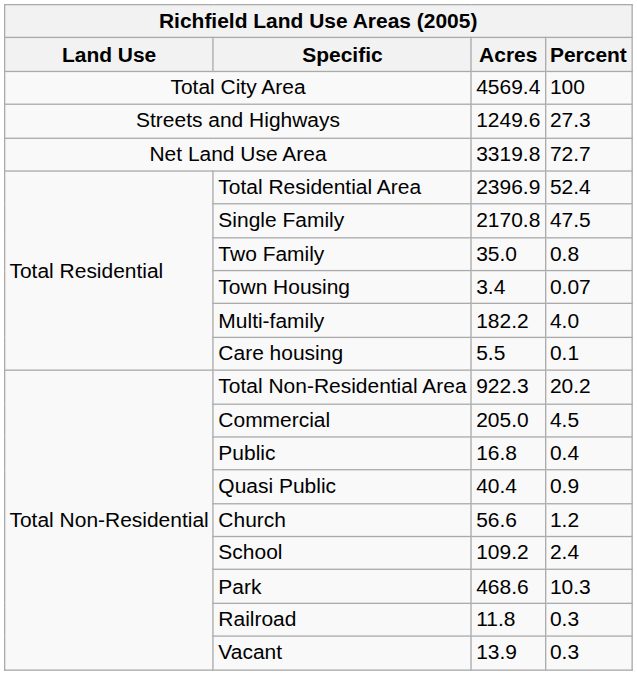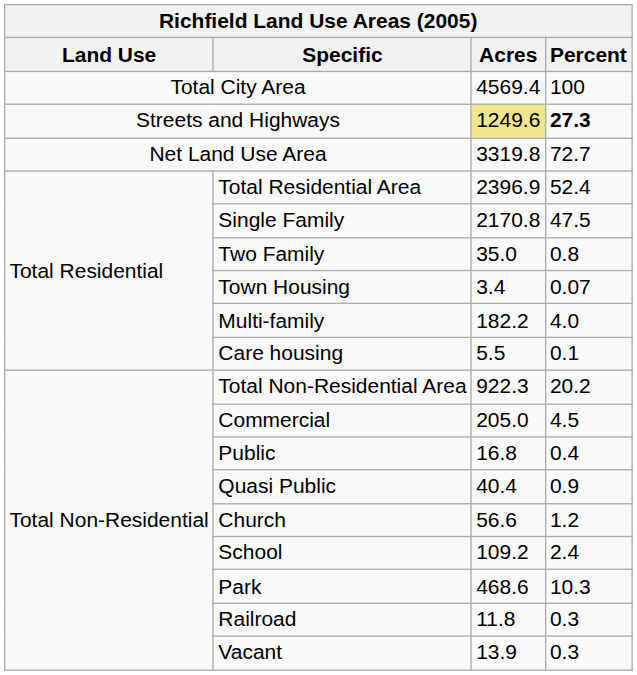 <table class="wikitable">
 <tr>
 <th colspan="4">Richfield Land Use Areas (2005)</th>
 </tr>
 <tr>
 <th>Land Use</th>
 <th>Specific</th>
 <th>Acres</th>
 <th>Percent</th>
 </tr>
 <tr>
 <td style="text-align:center;" colspan="2">Total City Area</td>
 <td>4569.4</td>
 <td>100</td>
 </tr>
 <tr>
 <td style="text-align:center;" colspan="2">Streets and Highways</td>
-<td>1249.6</td>
-<td>27.3</td>
+<td style="background: khaki;">1249.6</td>
+<td><strong>27.3</strong></td>
 </tr>
 <tr>
 <td style="text-align:center;" colspan="2">Net Land Use Area</td>
 <td>3319.8</td>
 <td>72.7</td>
 </tr>
 <tr>
 <td rowspan="6">Total Residential</td>
 <td>Total Residential Area</td>
 <td>2396.9</td>
 <td>52.4</td>
 </tr>
 <tr>
 <td>Single Family</td>
 <td>2170.8</td>
 <td>47.5</td>
 </tr>
 <tr>
 <td>Two Family</td>
 <td>35.0</td>
 <td>0.8</td>
 </tr>
 <tr>
 <td>Town Housing</td>
 <td>3.4</td>
 <td>0.07</td>
 </tr>
 <tr>
 <td>Multi-family</td>
 <td>182.2</td>
 <td>4.0</td>
 </tr>
 <tr>
 <td>Care housing</td>
 <td>5.5</td>
 <td>0.1</td>
 </tr>
 <tr>
 <td rowspan="9">Total Non-Residential</td>
 <td>Total Non-Residential Area</td>
 <td>922.3</td>
 <td>20.2</td>
 </tr>
 <tr>
 <td>Commercial</td>
 <td>205.0</td>
 <td>4.5</td>
 </tr>
 <tr>
 <td>Public</td>
 <td>16.8</td>
 <td>0.4</td>
 </tr>
 <tr>
 <td>Quasi Public</td>
 <td>40.4</td>
 <td>0.9</td>
 </tr>
 <tr>
 <td>Church</td>
 <td>56.6</td>
 <td>1.2</td>
 </tr>
 <tr>
 <td>School</td>
 <td>109.2</td>
 <td>2.4</td>
 </tr>
 <tr>
 <td>Park</td>
 <td>468.6</td>
 <td>10.3</td>
 </tr>
 <tr>
 <td>Railroad</td>
 <td>11.8</td>
 <td>0.3</td>
 </tr>
 <tr>
 <td>Vacant</td>
 <td>13.9</td>
 <td>0.3</td>
 </tr>
 </table>
